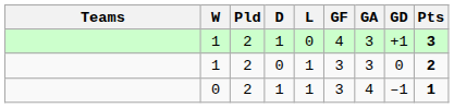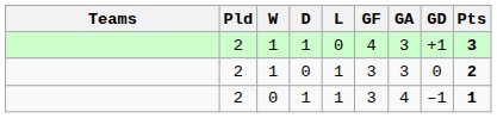 <table class="wikitable" style="text-align: center;">
 <tr>
 <th width=165>Teams</th>
+<th width=20>Pld</th>
 <th width=20>W</th>
-<th width=20>Pld</th>
 <th width=20>D</th>
 <th width=20>L</th>
 <th width=20>GF</th>
 <th width=20>GA</th>
 <th width=20>GD</th>
 <th width=20>Pts</th>
 </tr>
 <tr align=center style="background:#ccffcc;">
 <td style="text-align:left;"></td>
+<td>2</td>
 <td>1</td>
-<td>2</td>
 <td>1</td>
 <td>0</td>
 <td>4</td>
 <td>3</td>
 <td>+1</td>
 <td><strong>3</strong></td>
 </tr>
 <tr align=center>
 <td style="text-align:left;"></td>
+<td>2</td>
 <td>1</td>
-<td>2</td>
 <td>0</td>
 <td>1</td>
 <td>3</td>
 <td>3</td>
 <td>0</td>
 <td><strong>2</strong></td>
 </tr>
 <tr align=center>
 <td style="text-align:left;"></td>
+<td>2</td>
 <td>0</td>
-<td>2</td>
 <td>1</td>
 <td>1</td>
 <td>3</td>
 <td>4</td>
 <td>–1</td>
 <td><strong>1</strong></td>
 </tr>
 </table>
